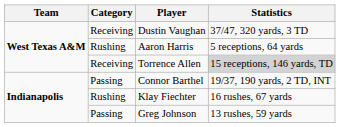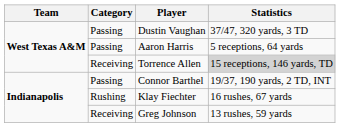 <table class="wikitable" style="float: left;">
 <tr>
 <th>Team</th>
 <th>Category</th>
 <th>Player</th>
 <th>Statistics</th>
 </tr>
 <tr>
 <td rowspan=3><strong>West Texas A&M</strong></td>
-<td>Receiving</td>
+<td>Passing</td>
 <td>Dustin Vaughan</td>
 <td>37/47, 320 yards, 3 TD</td>
 </tr>
 <tr>
-<td>Rushing</td>
+<td>Passing</td>
 <td>Aaron Harris</td>
 <td>5 receptions, 64 yards</td>
 </tr>
 <tr>
 <td>Receiving</td>
 <td>Torrence Allen</td>
 <td style="background: lightgrey;">15 receptions, 146 yards, TD</td>
 </tr>
 <tr>
 <td rowspan=3><strong>Indianapolis</strong></td>
 <td>Passing</td>
 <td>Connor Barthel</td>
 <td>19/37, 190 yards, 2 TD, INT</td>
 </tr>
 <tr>
 <td>Rushing</td>
 <td>Klay Fiechter</td>
 <td>16 rushes, 67 yards</td>
 </tr>
 <tr>
-<td>Passing</td>
+<td>Receiving</td>
 <td>Greg Johnson</td>
 <td>13 rushes, 59 yards</td>
 </tr>
 </table>
